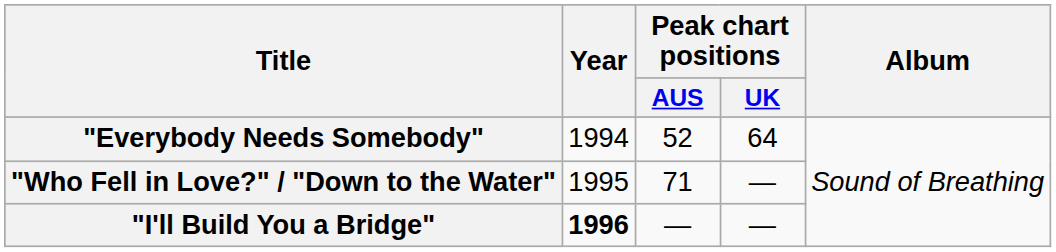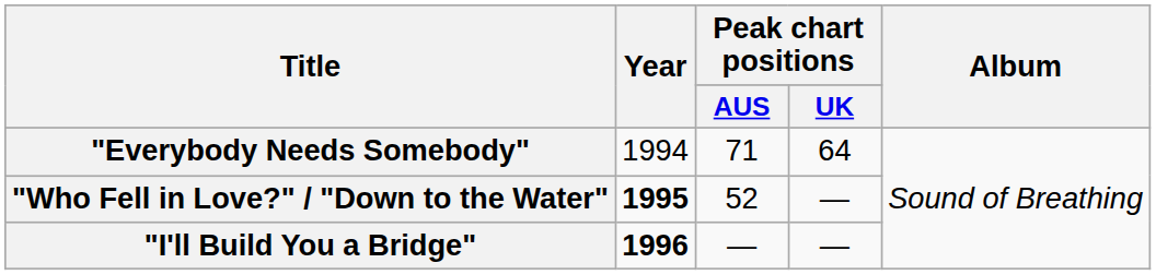 <table class="wikitable plainrowheaders" style="text-align:center;">
 <tr>
 <th scope="col" rowspan="2">Title</th>
 <th scope="col" rowspan="2">Year</th>
 <th scope="col" colspan="2">Peak chart positions</th>
 <th scope="col" rowspan="2">Album</th>
 </tr>
 <tr>
 <th scope="col" style="width:3em;font-size:90%;"><a href='#'>AUS</a><br></th>
 <th scope="col" style="width:3em;font-size:90%;"><a href='#'>UK</a><br></th>
 </tr>
 <tr>
 <th scope="row">"Everybody Needs Somebody"</th>
 <td>1994</td>
-<td>52</td>
+<td>71</td>
 <td>64</td>
 <td rowspan="3"><em>Sound of Breathing</em></td>
 </tr>
 <tr>
 <th scope="row">"Who Fell in Love?" / "Down to the Water"</th>
-<td>1995</td>
-<td>71</td>
+<td><strong>1995</strong></td>
+<td>52</td>
 <td>—</td>
 </tr>
 <tr>
 <th scope="row">"I'll Build You a Bridge"</th>
 <td><strong>1996</strong></td>
 <td>—</td>
 <td>—</td>
 </tr>
 </table>
